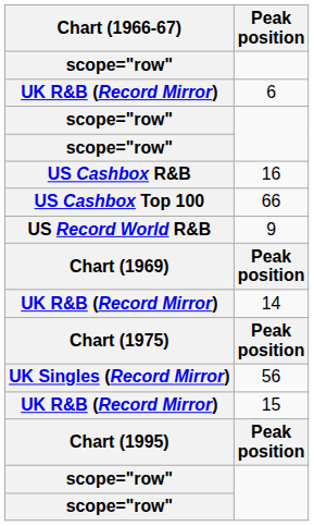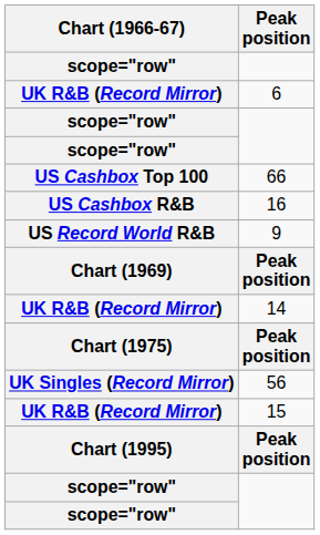 <table class="wikitable sortable plainrowheaders">
 <tr>
 <th scope="col">Chart (1966-67)</th>
 <th scope="col">Peak<br>position</th>
 </tr>
 <tr>
 <th>scope="row" </th>
 </tr>
 <tr>
 <th scope="row"><a href='#'>UK R&B</a> (<em><a href='#'>Record Mirror</a></em>)</th>
 <td align="center">6</td>
 </tr>
 <tr>
 <th>scope="row" </th>
 </tr>
 <tr>
 <th>scope="row" </th>
 </tr>
 <tr>
+<th scope="row"><a href='#'>US <em>Cashbox</em></a> Top 100</th>
+<td style="text-align:center;">66</td>
+</tr>
+<tr>
 <th scope="row"><a href='#'>US <em>Cashbox</em></a> R&B</th>
 <td style="text-align:center;">16</td>
-</tr>
-<tr>
-<th scope="row"><a href='#'>US <em>Cashbox</em></a> Top 100</th>
-<td style="text-align:center;">66</td>
 </tr>
 <tr>
 <th scope="row">US <em><a href='#'>Record World</a></em> R&B</th>
 <td style="text-align:center;">9</td>
 </tr>
 <tr>
 <th scope="col">Chart (1969)</th>
 <th scope="col">Peak<br>position</th>
 </tr>
 <tr>
 <th scope="row"><a href='#'>UK R&B</a> (<em><a href='#'>Record Mirror</a></em>)</th>
 <td align="center">14</td>
 </tr>
 <tr>
 <th scope="col">Chart (1975)</th>
 <th scope="col">Peak<br>position</th>
 </tr>
 <tr>
 <th scope="row"><a href='#'>UK Singles</a> (<em><a href='#'>Record Mirror</a></em>)</th>
 <td align="center">56</td>
 </tr>
 <tr>
 <th scope="row"><a href='#'>UK R&B</a> (<em><a href='#'>Record Mirror</a></em>)</th>
 <td align="center">15</td>
 </tr>
 <tr>
 <th scope="col">Chart (1995)</th>
 <th scope="col">Peak<br>position</th>
 </tr>
 <tr>
 <th>scope="row" </th>
 </tr>
 <tr>
 <th>scope="row" </th>
 </tr>
 </table>
